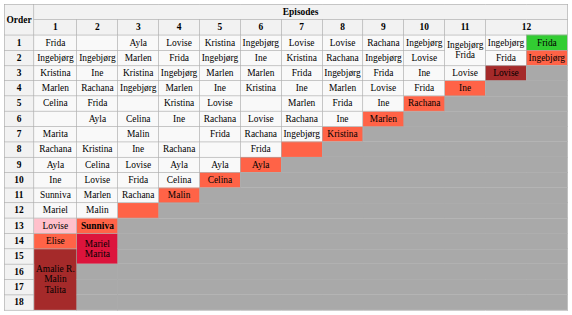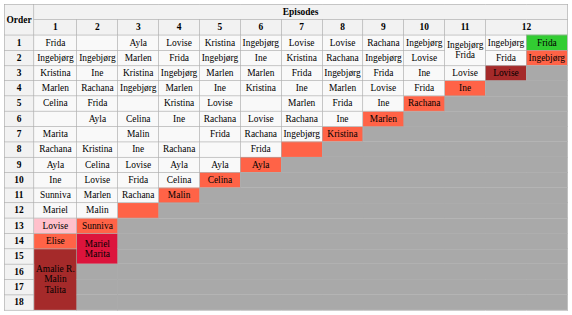 <table class="wikitable" style="text-align:center; font-size:92%">
 <tr>
 <th rowspan=2>Order</th>
 <th colspan=18>Episodes</th>
 </tr>
 <tr>
 <th>1</th>
 <th>2</th>
 <th>3</th>
 <th>4</th>
 <th>5</th>
 <th>6</th>
 <th>7</th>
 <th>8</th>
 <th>9</th>
 <th>10</th>
 <th>11</th>
 <th colspan="2">12</th>
 </tr>
 <tr>
 <th>1</th>
 <td>Frida</td>
 <td></td>
 <td>Ayla</td>
 <td>Lovise</td>
 <td>Kristina</td>
 <td>Ingebjørg</td>
 <td>Lovise</td>
 <td>Lovise</td>
 <td>Rachana</td>
 <td>Ingebjørg</td>
 <td rowspan="2">Ingebjørg<br>Frida</td>
 <td>Ingebjørg</td>
 <td bgcolor=limegreen>Frida</td>
 </tr>
 <tr>
 <th>2</th>
 <td>Ingebjørg</td>
 <td>Ingebjørg</td>
 <td>Marlen</td>
 <td>Frida</td>
 <td>Ingebjørg</td>
 <td>Ine</td>
 <td>Kristina</td>
 <td>Rachana</td>
 <td>Ingebjørg</td>
 <td>Lovise</td>
 <td>Frida</td>
 <td bgcolor=tomato>Ingebjørg</td>
 </tr>
 <tr>
 <th>3</th>
 <td>Kristina</td>
 <td>Ine</td>
 <td>Kristina</td>
 <td>Ingebjørg</td>
 <td>Marlen</td>
 <td>Marlen</td>
 <td>Frida</td>
 <td>Ingebjørg</td>
 <td>Frida</td>
 <td>Ine</td>
 <td>Lovise</td>
 <td bgcolor=brown><span>Lovise</span></td>
 <td bgcolor="darkgray" colspan="13"></td>
 </tr>
 <tr>
 <th>4</th>
 <td>Marlen</td>
 <td>Rachana</td>
 <td>Ingebjørg</td>
 <td>Marlen</td>
 <td>Ine</td>
 <td>Kristina</td>
 <td>Ine</td>
 <td>Marlen</td>
 <td>Lovise</td>
 <td>Frida</td>
 <td bgcolor=tomato>Ine</td>
 <td bgcolor="darkgray" colspan="13"></td>
 </tr>
 <tr>
 <th>5</th>
 <td>Celina</td>
 <td>Frida</td>
 <td></td>
 <td>Kristina</td>
 <td>Lovise</td>
 <td></td>
 <td>Marlen</td>
 <td>Frida</td>
 <td>Ine</td>
 <td bgcolor=tomato>Rachana</td>
 <td bgcolor="darkgray" colspan="13"></td>
 </tr>
 <tr>
 <th>6</th>
 <td></td>
 <td>Ayla</td>
 <td>Celina</td>
 <td>Ine</td>
 <td>Rachana</td>
 <td>Lovise</td>
 <td>Rachana</td>
 <td>Ine</td>
 <td bgcolor=tomato>Marlen</td>
 <td bgcolor="darkgray" colspan="13"></td>
 </tr>
 <tr>
 <th>7</th>
 <td>Marita</td>
 <td></td>
 <td>Malin</td>
 <td></td>
 <td>Frida</td>
 <td>Rachana</td>
 <td>Ingebjørg</td>
 <td bgcolor=tomato>Kristina</td>
 <td bgcolor="darkgray" colspan="13"></td>
 </tr>
 <tr>
 <th>8</th>
 <td>Rachana</td>
 <td>Kristina</td>
 <td>Ine</td>
 <td>Rachana</td>
 <td></td>
 <td>Frida</td>
 <td bgcolor=tomato></td>
 <td bgcolor="darkgray" colspan="13"></td>
 </tr>
 <tr>
 <th>9</th>
 <td>Ayla</td>
 <td>Celina</td>
 <td>Lovise</td>
 <td>Ayla</td>
 <td>Ayla</td>
 <td bgcolor=tomato>Ayla</td>
 <td bgcolor="darkgray" colspan="13"></td>
 </tr>
 <tr>
 <th>10</th>
 <td>Ine</td>
 <td>Lovise</td>
 <td>Frida</td>
 <td>Celina</td>
 <td bgcolor=tomato>Celina</td>
 <td bgcolor="darkgray" colspan="13"></td>
 </tr>
 <tr>
 <th>11</th>
 <td>Sunniva</td>
 <td>Marlen</td>
 <td>Rachana</td>
 <td bgcolor=tomato>Malin</td>
 <td bgcolor="darkgray" colspan="13"></td>
 </tr>
 <tr>
 <th>12</th>
 <td>Mariel</td>
 <td>Malin</td>
 <td bgcolor=tomato></td>
 <td bgcolor="darkgray" colspan="13"></td>
 </tr>
 <tr>
 <th>13</th>
 <td style="background: pink;">Lovise</td>
-<td bgcolor=tomato><strong>Sunniva</strong></td>
+<td bgcolor=tomato>Sunniva</td>
 <td bgcolor="darkgray" colspan="13"></td>
 </tr>
 <tr>
 <th>14</th>
 <td bgcolor=tomato>Elise</td>
 <td bgcolor="crimson" rowspan="2"><span>Mariel<br>Marita</span></td>
 <td bgcolor="darkgray" colspan="13"></td>
 </tr>
 <tr>
 <th>15</th>
 <td rowspan="4"bgcolor=brown><span>Amalie R.<br>Malin<br>Talita<br></span></td>
 <td bgcolor="darkgray" colspan="13"></td>
 </tr>
 <tr>
 <th>16</th>
 <td bgcolor="darkgray" colspan="1"></td>
 <td bgcolor="darkgray" colspan="13"></td>
 </tr>
 <tr>
 <th>17</th>
 <td bgcolor="darkgray" colspan="1"></td>
 <td bgcolor="darkgray" colspan="13"></td>
 </tr>
 <tr>
 <th>18</th>
 <td bgcolor="darkgray" colspan="1"></td>
 <td bgcolor="darkgray" colspan="13"></td>
 </tr>
 </table>
